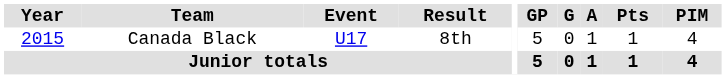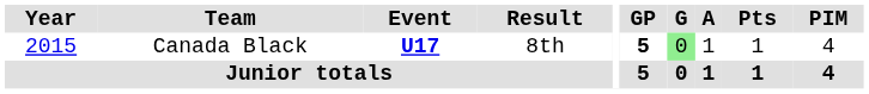 <table border="0" cellpadding="1" cellspacing="0" ID="Table3" style="text-align:center; width:40em">
 <tr bgcolor="#e0e0e0">
 <th>Year</th>
 <th>Team</th>
 <th>Event</th>
 <th>Result</th>
 <th rowspan="99" bgcolor="#ffffff"></th>
 <th>GP</th>
 <th>G</th>
 <th>A</th>
 <th>Pts</th>
 <th>PIM</th>
 </tr>
 <tr>
 <td><a href='#'>2015</a></td>
 <td>Canada Black</td>
-<td><a href='#'>U17</a></td>
+<td><strong><a href='#'>U17</a></strong></td>
 <td>8th</td>
-<td>5</td>
-<td>0</td>
+<td><strong>5</strong></td>
+<td style="background: lightgreen;">0</td>
 <td>1</td>
 <td>1</td>
 <td>4</td>
 </tr>
 <tr bgcolor="#e0e0e0">
 <th colspan="4">Junior totals</th>
 <th>5</th>
 <th>0</th>
 <th>1</th>
 <th>1</th>
 <th>4</th>
 </tr>
 </table>
